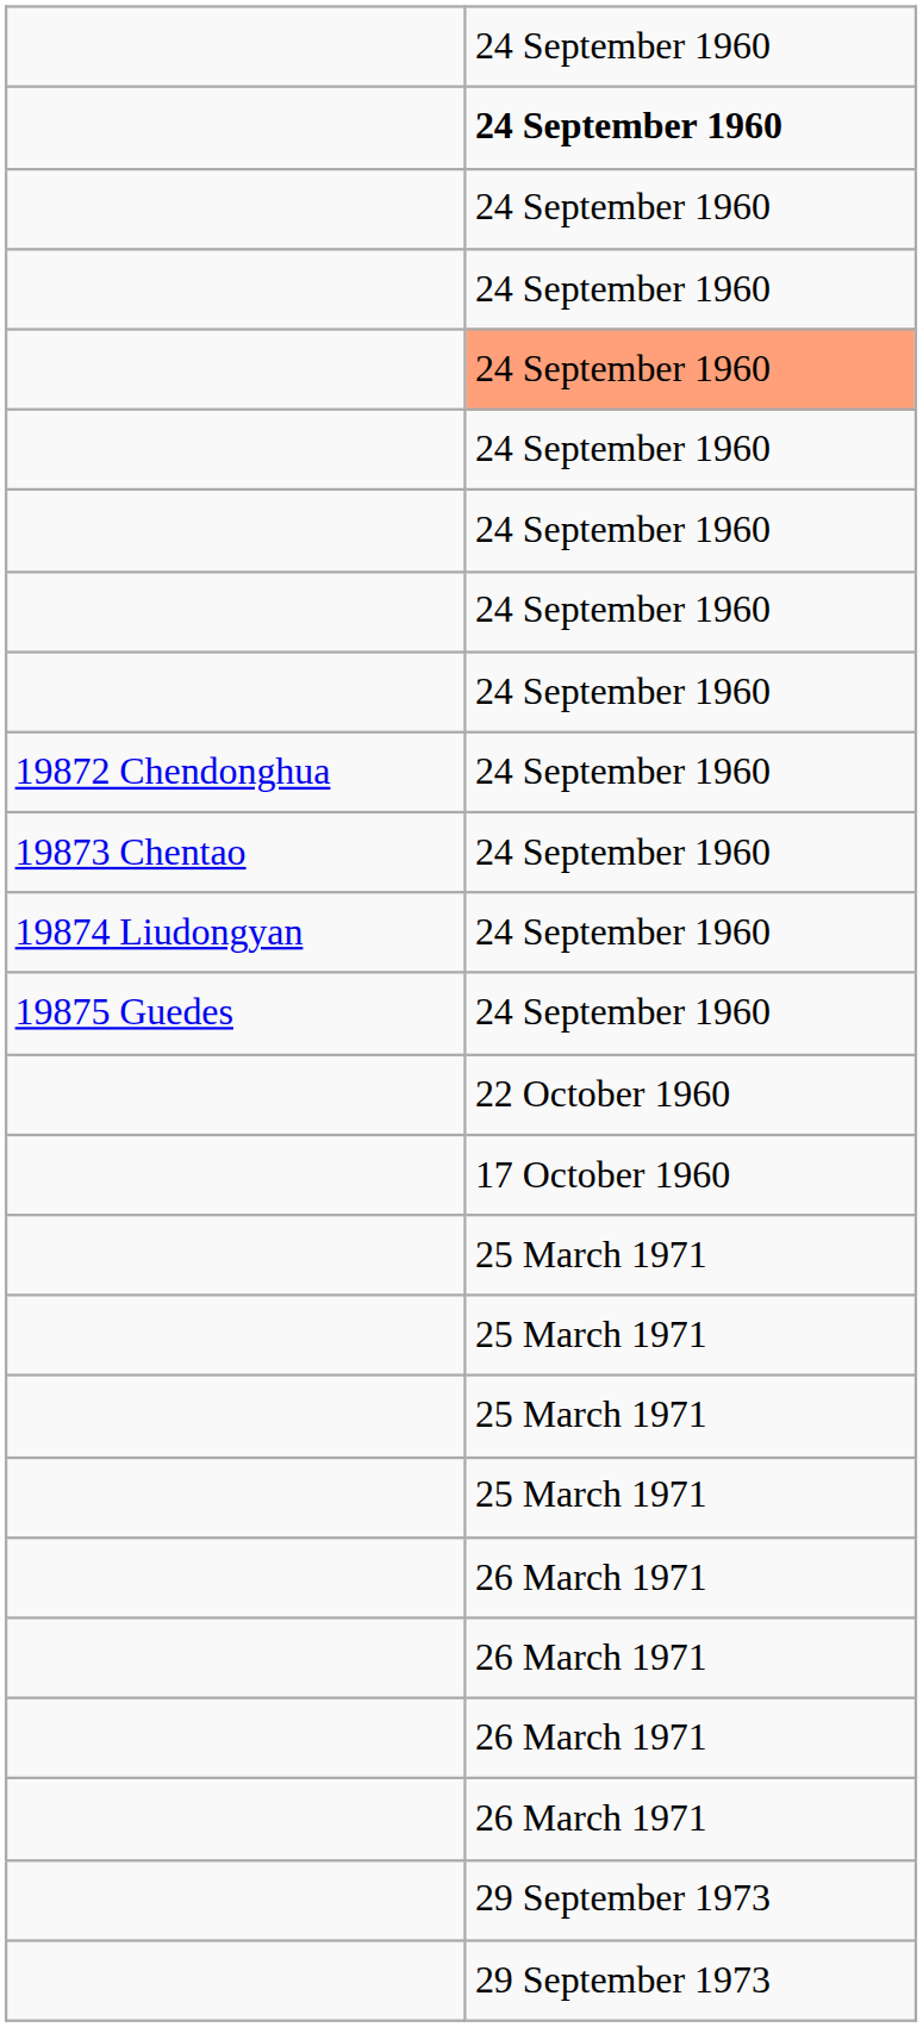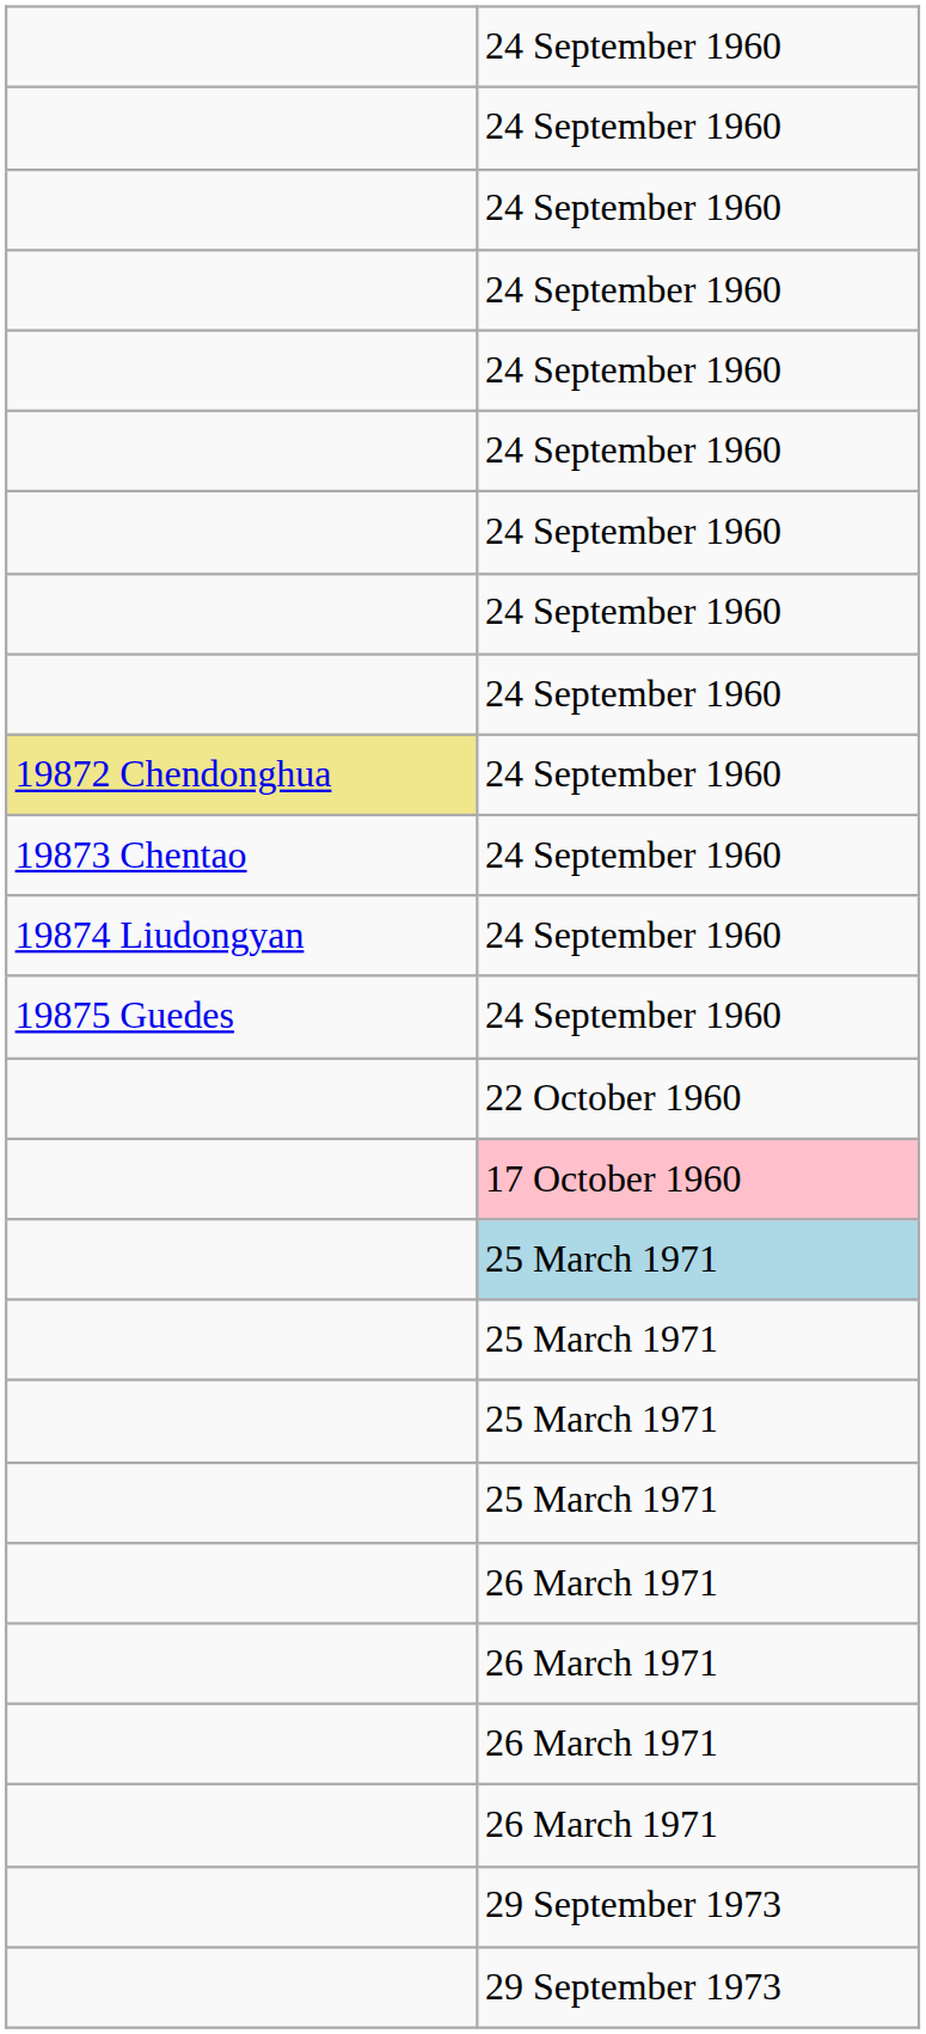 <table class="wikitable" style="font-size: 89%; float: left; width: 24em; margin-right: 1em; line-height: 1.65em">
 <tr>
 <td></td>
 <td>24 September 1960</td>
-</tr>
-<tr>
-<td></td>
-<td><strong>24 September 1960</strong></td>
-</tr>
-<tr>
-<td></td>
-<td>24 September 1960</td>
-</tr>
-<tr>
-<td></td>
-<td>24 September 1960</td>
-</tr>
-<tr>
-<td></td>
-<td style="background: lightsalmon;">24 September 1960</td>
 </tr>
 <tr>
 <td></td>
 <td>24 September 1960</td>
 </tr>
 <tr>
 <td></td>
 <td>24 September 1960</td>
 </tr>
 <tr>
 <td></td>
 <td>24 September 1960</td>
 </tr>
 <tr>
 <td></td>
 <td>24 September 1960</td>
 </tr>
 <tr>
-<td><a href='#'>19872 Chendonghua</a></td>
+<td></td>
+<td>24 September 1960</td>
+</tr>
+<tr>
+<td></td>
+<td>24 September 1960</td>
+</tr>
+<tr>
+<td></td>
+<td>24 September 1960</td>
+</tr>
+<tr>
+<td></td>
+<td>24 September 1960</td>
+</tr>
+<tr>
+<td style="background: khaki;"><a href='#'>19872 Chendonghua</a></td>
 <td>24 September 1960</td>
 </tr>
 <tr>
 <td><a href='#'>19873 Chentao</a></td>
 <td>24 September 1960</td>
 </tr>
 <tr>
 <td><a href='#'>19874 Liudongyan</a></td>
 <td>24 September 1960</td>
 </tr>
 <tr>
 <td><a href='#'>19875 Guedes</a></td>
 <td>24 September 1960</td>
 </tr>
 <tr>
 <td></td>
 <td>22 October 1960</td>
 </tr>
 <tr>
 <td></td>
-<td>17 October 1960</td>
+<td style="background: pink;">17 October 1960</td>
 </tr>
 <tr>
 <td></td>
-<td>25 March 1971</td>
+<td style="background: lightblue;">25 March 1971</td>
 </tr>
 <tr>
 <td></td>
 <td>25 March 1971</td>
 </tr>
 <tr>
 <td></td>
 <td>25 March 1971</td>
 </tr>
 <tr>
 <td></td>
 <td>25 March 1971</td>
 </tr>
 <tr>
 <td></td>
 <td>26 March 1971</td>
 </tr>
 <tr>
 <td></td>
 <td>26 March 1971</td>
 </tr>
 <tr>
 <td></td>
 <td>26 March 1971</td>
 </tr>
 <tr>
 <td></td>
 <td>26 March 1971</td>
 </tr>
 <tr>
 <td></td>
 <td>29 September 1973</td>
 </tr>
 <tr>
 <td></td>
 <td>29 September 1973</td>
 </tr>
 </table>
